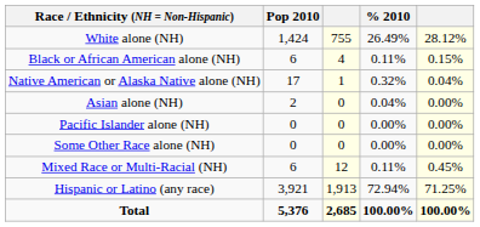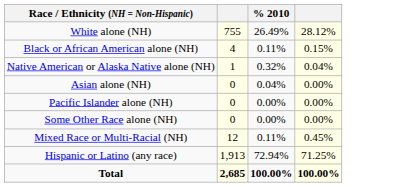 <table class="wikitable" style="text-align:center;">
 <tr>
 <th>Race / Ethnicity <small>(<em>NH = Non-Hispanic</em>)</small></th>
-<th>Pop 2010</th>
 <th></th>
 <th>% 2010</th>
 <th></th>
 </tr>
 <tr>
 <td><a href='#'>White</a> alone (NH)</td>
-<td>1,424</td>
 <td style='background: #ffffe6;'>755</td>
 <td>26.49%</td>
 <td style='background: #ffffe6;'>28.12%</td>
 </tr>
 <tr>
 <td><a href='#'>Black or African American</a> alone (NH)</td>
-<td>6</td>
 <td style='background: #ffffe6;'>4</td>
 <td>0.11%</td>
 <td style='background: #ffffe6;'>0.15%</td>
 </tr>
 <tr>
 <td><a href='#'>Native American</a> or <a href='#'>Alaska Native</a> alone (NH)</td>
-<td>17</td>
 <td style='background: #ffffe6;'>1</td>
 <td>0.32%</td>
 <td style='background: #ffffe6;'>0.04%</td>
 </tr>
 <tr>
 <td><a href='#'>Asian</a> alone (NH)</td>
-<td>2</td>
 <td style='background: #ffffe6;'>0</td>
 <td>0.04%</td>
 <td style='background: #ffffe6;'>0.00%</td>
 </tr>
 <tr>
 <td><a href='#'>Pacific Islander</a> alone (NH)</td>
-<td>0</td>
 <td style='background: #ffffe6;'>0</td>
 <td>0.00%</td>
 <td style='background: #ffffe6;'>0.00%</td>
 </tr>
 <tr>
 <td><a href='#'>Some Other Race</a> alone (NH)</td>
-<td>0</td>
 <td style='background: #ffffe6;'>0</td>
 <td>0.00%</td>
 <td style='background: #ffffe6;'>0.00%</td>
 </tr>
 <tr>
 <td><a href='#'>Mixed Race or Multi-Racial</a> (NH)</td>
-<td>6</td>
 <td style='background: #ffffe6;'>12</td>
 <td>0.11%</td>
 <td style='background: #ffffe6;'>0.45%</td>
 </tr>
 <tr>
 <td><a href='#'>Hispanic or Latino</a> (any race)</td>
-<td>3,921</td>
 <td style='background: #ffffe6;'>1,913</td>
 <td>72.94%</td>
 <td style='background: #ffffe6;'>71.25%</td>
 </tr>
 <tr>
 <td><strong>Total</strong></td>
-<td><strong>5,376</strong></td>
 <td style='background: #ffffe6;'><strong>2,685</strong></td>
 <td><strong>100.00%</strong></td>
 <td style='background: #ffffe6;'><strong>100.00%</strong></td>
 </tr>
 </table>
